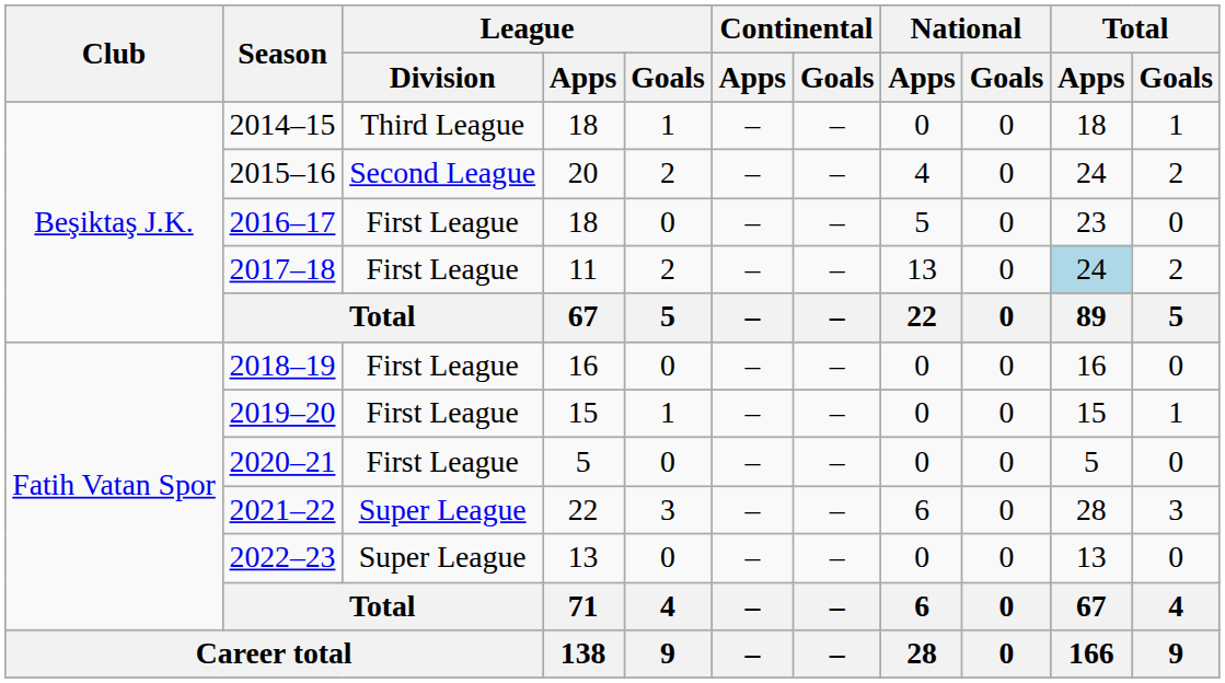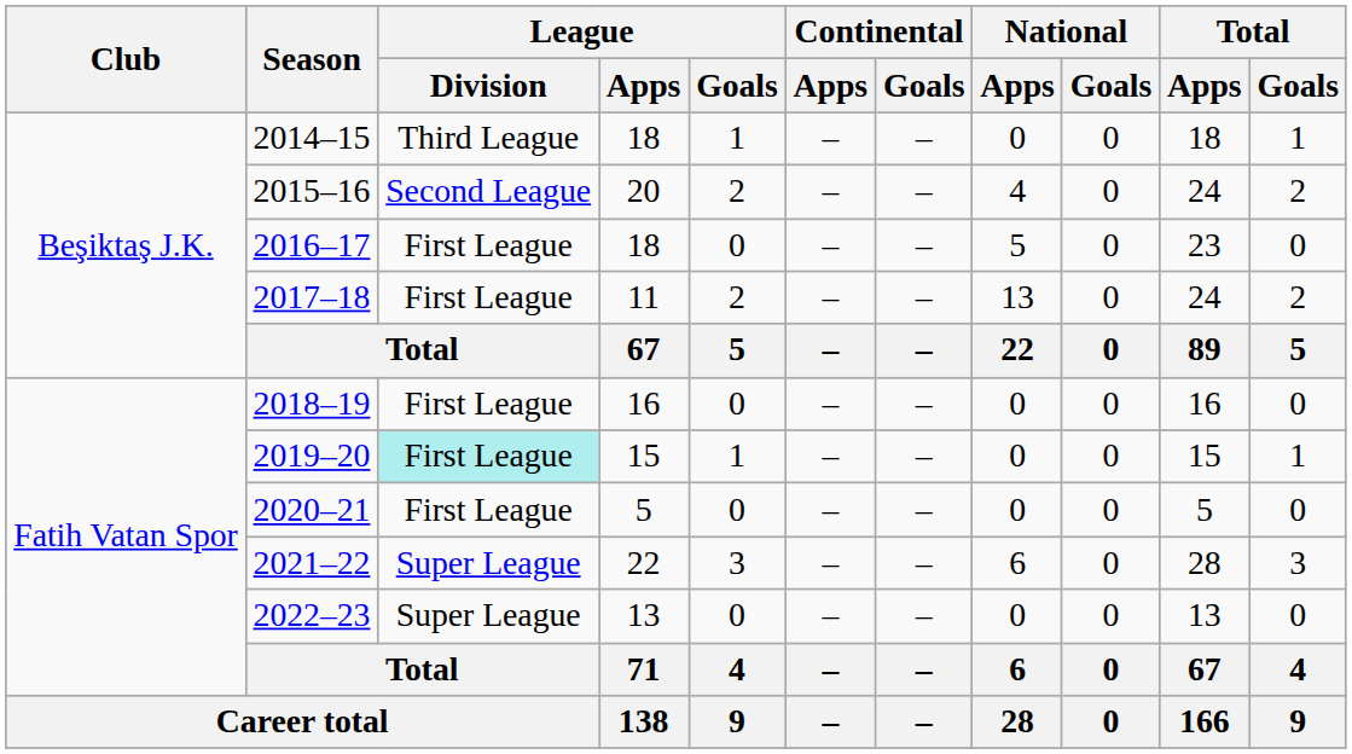 <table class="wikitable" style="text-align: center;">
 <tr>
 <th rowspan=2>Club</th>
 <th rowspan=2>Season</th>
 <th colspan=3>League</th>
 <th colspan=2>Continental</th>
 <th colspan=2>National</th>
 <th colspan=2>Total</th>
 </tr>
 <tr>
 <th>Division</th>
 <th>Apps</th>
 <th>Goals</th>
 <th>Apps</th>
 <th>Goals</th>
 <th>Apps</th>
 <th>Goals</th>
 <th>Apps</th>
 <th>Goals</th>
 </tr>
 <tr>
 <td rowspan=5><a href='#'>Beşiktaş J.K.</a></td>
 <td>2014–15</td>
 <td>Third League</td>
 <td>18</td>
 <td>1</td>
 <td>–</td>
 <td>–</td>
 <td>0</td>
 <td>0</td>
 <td>18</td>
 <td>1</td>
 </tr>
 <tr>
 <td>2015–16</td>
 <td><a href='#'>Second League</a></td>
 <td>20</td>
 <td>2</td>
 <td>–</td>
 <td>–</td>
 <td>4</td>
 <td>0</td>
 <td>24</td>
 <td>2</td>
 </tr>
 <tr>
 <td><a href='#'>2016–17</a></td>
 <td>First League</td>
 <td>18</td>
 <td>0</td>
 <td>–</td>
 <td>–</td>
 <td>5</td>
 <td>0</td>
 <td>23</td>
 <td>0</td>
 </tr>
 <tr>
 <td><a href='#'>2017–18</a></td>
 <td>First League</td>
 <td>11</td>
 <td>2</td>
 <td>–</td>
 <td>–</td>
 <td>13</td>
 <td>0</td>
-<td style="background: lightblue;">24</td>
+<td>24</td>
 <td>2</td>
 </tr>
 <tr>
 <th colspan=2>Total</th>
 <th>67</th>
 <th>5</th>
 <th>–</th>
 <th>–</th>
 <th>22</th>
 <th>0</th>
 <th>89</th>
 <th>5</th>
 </tr>
 <tr>
 <td rowspan=6><a href='#'>Fatih Vatan Spor</a></td>
 <td><a href='#'>2018–19</a></td>
 <td>First League</td>
 <td>16</td>
 <td>0</td>
 <td>–</td>
 <td>–</td>
 <td>0</td>
 <td>0</td>
 <td>16</td>
 <td>0</td>
 </tr>
 <tr>
 <td><a href='#'>2019–20</a></td>
-<td>First League</td>
+<td style="background: paleturquoise;">First League</td>
 <td>15</td>
 <td>1</td>
 <td>–</td>
 <td>–</td>
 <td>0</td>
 <td>0</td>
 <td>15</td>
 <td>1</td>
 </tr>
 <tr>
 <td><a href='#'>2020–21</a></td>
 <td>First League</td>
 <td>5</td>
 <td>0</td>
 <td>–</td>
 <td>–</td>
 <td>0</td>
 <td>0</td>
 <td>5</td>
 <td>0</td>
 </tr>
 <tr>
 <td><a href='#'>2021–22</a></td>
 <td><a href='#'>Super League</a></td>
 <td>22</td>
 <td>3</td>
 <td>–</td>
 <td>–</td>
 <td>6</td>
 <td>0</td>
 <td>28</td>
 <td>3</td>
 </tr>
 <tr>
 <td><a href='#'>2022–23</a></td>
 <td>Super League</td>
 <td>13</td>
 <td>0</td>
 <td>–</td>
 <td>–</td>
 <td>0</td>
 <td>0</td>
 <td>13</td>
 <td>0</td>
 </tr>
 <tr>
 <th colspan=2>Total</th>
 <th>71</th>
 <th>4</th>
 <th>–</th>
 <th>–</th>
 <th>6</th>
 <th>0</th>
 <th>67</th>
 <th>4</th>
 </tr>
 <tr>
 <th colspan=3>Career total</th>
 <th>138</th>
 <th>9</th>
 <th>–</th>
 <th>–</th>
 <th>28</th>
 <th>0</th>
 <th>166</th>
 <th>9</th>
 </tr>
 </table>
